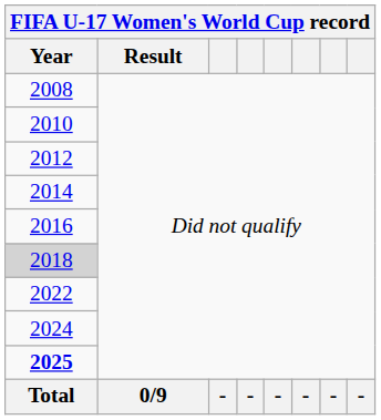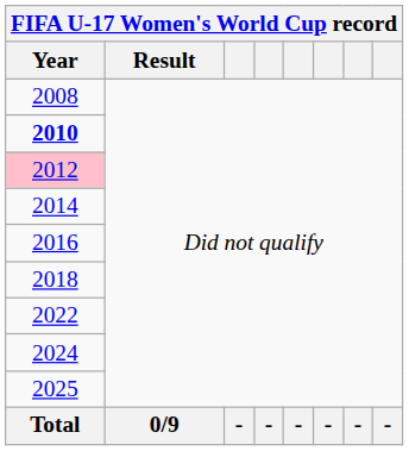 <table class="wikitable" style="text-align: center;">
 <tr>
 <th colspan="8"><a href='#'>FIFA U-17 Women's World Cup</a> record</th>
 </tr>
 <tr>
 <th>Year</th>
 <th>Result</th>
 <th></th>
 <th></th>
 <th></th>
 <th></th>
 <th></th>
 <th></th>
 </tr>
 <tr>
 <td> <a href='#'>2008</a></td>
 <td colspan="7" rowspan="9"><em>Did not qualify</em></td>
 </tr>
 <tr>
-<td> <a href='#'>2010</a></td>
+<td><strong> <a href='#'>2010</a></strong></td>
 </tr>
 <tr>
-<td> <a href='#'>2012</a></td>
+<td style="background: pink;"> <a href='#'>2012</a></td>
 </tr>
 <tr>
 <td> <a href='#'>2014</a></td>
 </tr>
 <tr>
 <td> <a href='#'>2016</a></td>
 </tr>
 <tr>
-<td style="background: lightgrey;"> <a href='#'>2018</a></td>
+<td> <a href='#'>2018</a></td>
 </tr>
 <tr>
 <td> <a href='#'>2022</a></td>
 </tr>
 <tr>
 <td> <a href='#'>2024</a></td>
 </tr>
 <tr>
-<td><strong> <a href='#'>2025</a></strong></td>
+<td> <a href='#'>2025</a></td>
 </tr>
 <tr>
 <th><strong>Total</strong></th>
 <th>0/9</th>
 <th>-</th>
 <th>-</th>
 <th>-</th>
 <th>-</th>
 <th>-</th>
 <th>-</th>
 </tr>
 </table>
